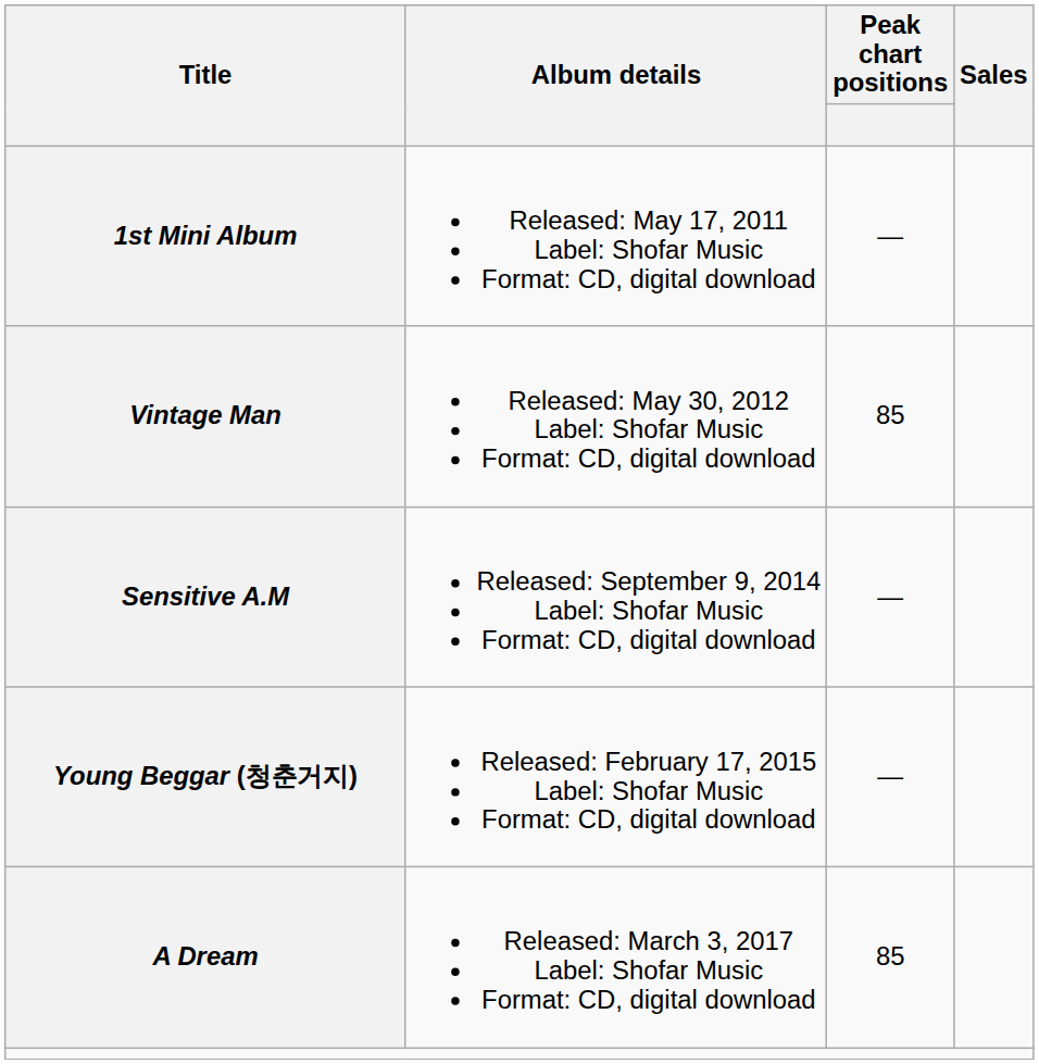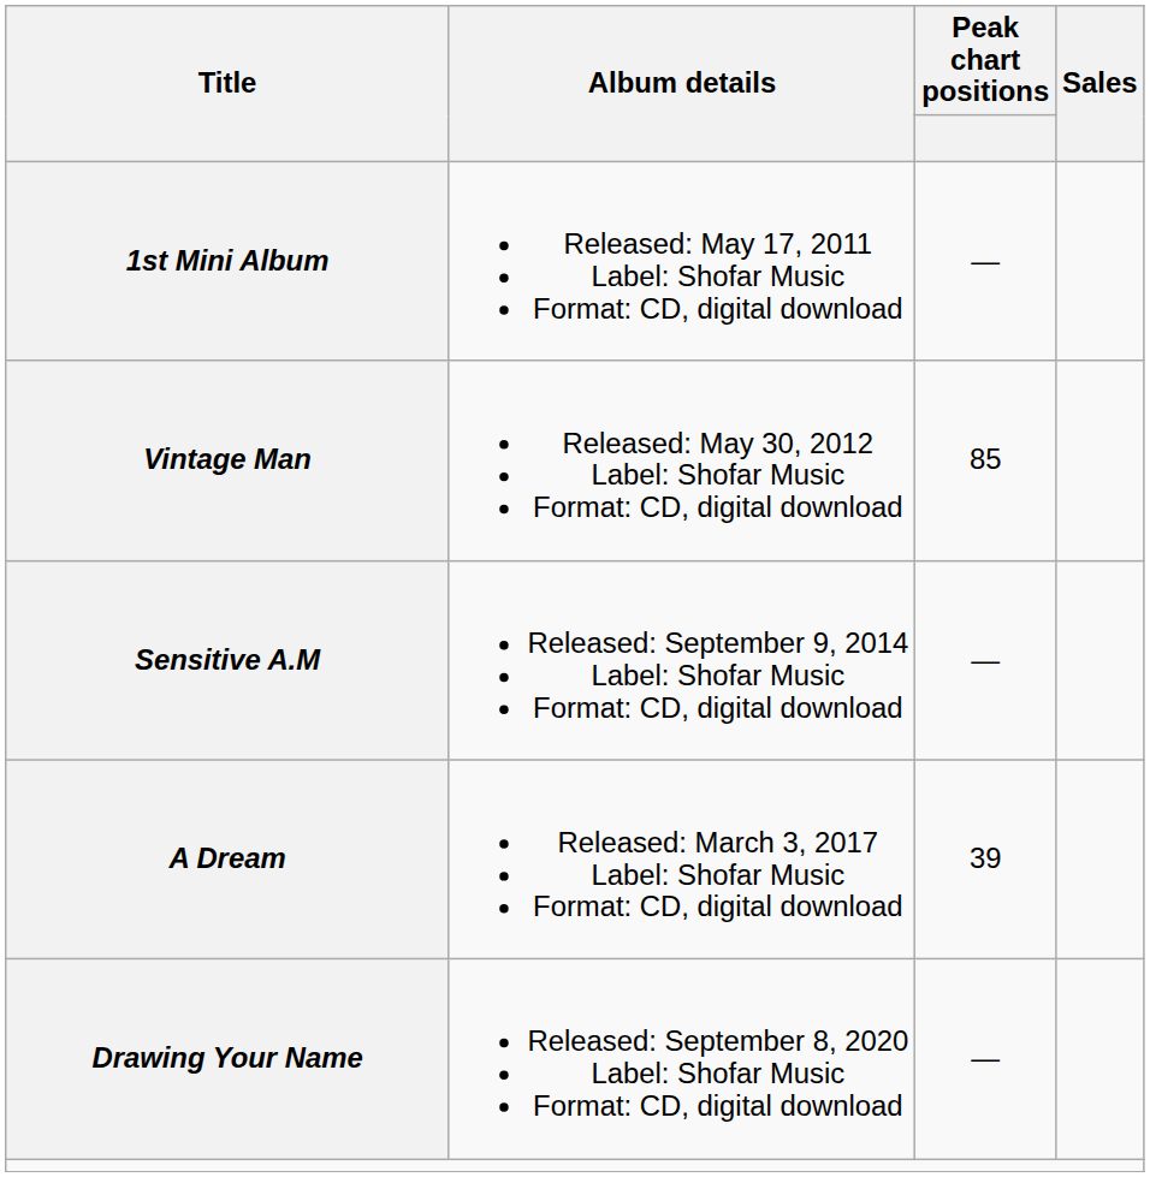 <table class="wikitable plainrowheaders" style="text-align:center;">
 <tr>
 <th scope="col" rowspan="2" style="width:15em;">Title</th>
 <th scope="col" rowspan="2">Album details</th>
 <th colspan="1" scope="col">Peak chart positions</th>
 <th scope="col" rowspan="2">Sales</th>
 </tr>
 <tr>
 <th style="width:3em"><br></th>
 </tr>
 <tr>
 <th scope="row"><em>1st Mini Album</em></th>
 <td><br><ul><li>Released: May 17, 2011</li><li>Label: Shofar Music</li><li>Format: CD, digital download</li></ul></td>
 <td>—</td>
 <td></td>
 </tr>
 <tr>
 <th scope="row"><em>Vintage Man</em></th>
 <td><br><ul><li>Released: May 30, 2012</li><li>Label: Shofar Music</li><li>Format: CD, digital download</li></ul></td>
 <td>85</td>
 <td></td>
 </tr>
 <tr>
 <th scope="row"><em>Sensitive A.M</em></th>
 <td><br><ul><li>Released: September 9, 2014</li><li>Label: Shofar Music</li><li>Format: CD, digital download</li></ul></td>
 <td>—</td>
 <td></td>
 </tr>
 <tr>
-<th scope="row"><em>Young Beggar</em> (청춘거지)</th>
-<td><br><ul><li>Released: February 17, 2015</li><li>Label: Shofar Music</li><li>Format: CD, digital download</li></ul></td>
-<td>—</td>
+<th scope="row"><em>A Dream</em></th>
+<td><br><ul><li>Released: March 3, 2017</li><li>Label: Shofar Music</li><li>Format: CD, digital download</li></ul></td>
+<td>39</td>
 <td></td>
 </tr>
 <tr>
-<th scope="row"><em>A Dream</em></th>
-<td><br><ul><li>Released: March 3, 2017</li><li>Label: Shofar Music</li><li>Format: CD, digital download</li></ul></td>
-<td>85</td>
+<th scope="row"><em>Drawing Your Name</em></th>
+<td><br><ul><li>Released: September 8, 2020</li><li>Label: Shofar Music</li><li>Format: CD, digital download</li></ul></td>
+<td>—</td>
 <td></td>
 </tr>
 <tr>
 <td colspan="4"></td>
 </tr>
 <tr>
 </tr>
 </table>
